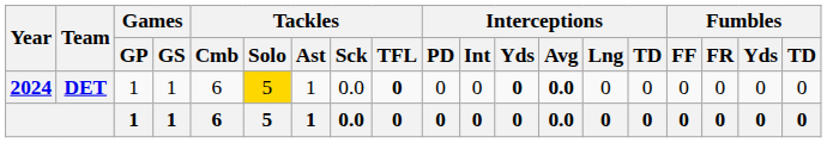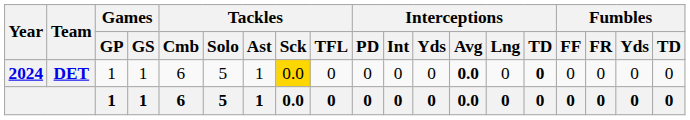 <table class="wikitable" style="text-align:center;">
 <tr>
 <th rowspan="2">Year</th>
 <th rowspan="2">Team</th>
 <th colspan="2">Games</th>
 <th colspan="5">Tackles</th>
 <th colspan="6">Interceptions</th>
 <th colspan="4">Fumbles</th>
 </tr>
 <tr>
 <th>GP</th>
 <th>GS</th>
 <th>Cmb</th>
 <th>Solo</th>
 <th>Ast</th>
 <th>Sck</th>
 <th>TFL</th>
 <th>PD</th>
 <th>Int</th>
 <th>Yds</th>
 <th>Avg</th>
 <th>Lng</th>
 <th>TD</th>
 <th>FF</th>
 <th>FR</th>
 <th>Yds</th>
 <th>TD</th>
 </tr>
 <tr>
 <th><a href='#'>2024</a></th>
 <th><a href='#'>DET</a></th>
 <td>1</td>
 <td>1</td>
 <td>6</td>
-<td style="background: gold;">5</td>
+<td>5</td>
 <td>1</td>
-<td>0.0</td>
-<td><strong>0</strong></td>
+<td style="background: gold;">0.0</td>
 <td>0</td>
 <td>0</td>
-<td><strong>0</strong></td>
+<td>0</td>
+<td>0</td>
 <td><strong>0.0</strong></td>
 <td>0</td>
-<td>0</td>
+<td><strong>0</strong></td>
 <td>0</td>
 <td>0</td>
 <td>0</td>
 <td>0</td>
 </tr>
 <tr>
 <th colspan="2"></th>
 <th>1</th>
 <th>1</th>
 <th>6</th>
 <th>5</th>
 <th>1</th>
 <th>0.0</th>
 <th>0</th>
 <th>0</th>
 <th>0</th>
 <th>0</th>
 <th>0.0</th>
 <th>0</th>
 <th>0</th>
 <th>0</th>
 <th>0</th>
 <th>0</th>
 <th>0</th>
 </tr>
 </table>
